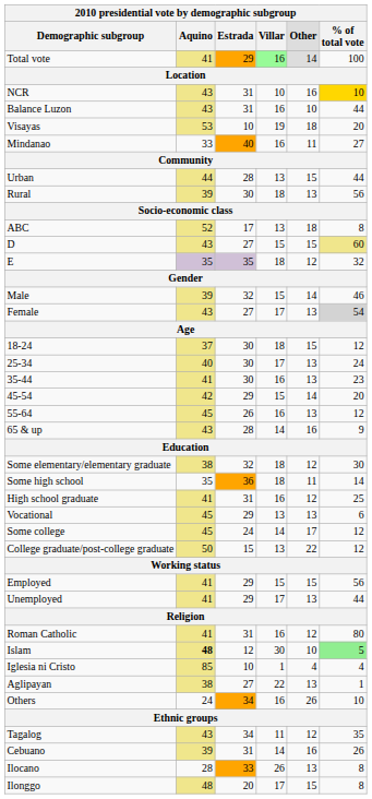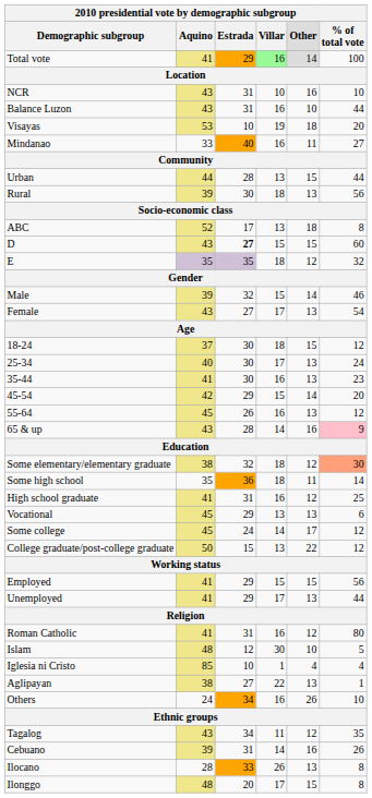 <table class=wikitable>
 <tr>
 <th colspan="8">2010 presidential vote by demographic subgroup</th>
 </tr>
 <tr>
 <th>Demographic subgroup</th>
 <th>Aquino</th>
 <th>Estrada</th>
 <th>Villar</th>
 <th style="background:#DDDDDD; width:10px;">Other</th>
 <th>% of<br>total vote</th>
 </tr>
 <tr>
 <td>Total vote</td>
 <td style="text-align:right; background:#f0e68c;">41</td>
 <td style="text-align:right; background:#ffa500;">29</td>
 <td style="text-align:right; background:#98fb98;">16</td>
 <td style="text-align:right; background:#DDDDDD;">14</td>
 <td style="text-align:right;">100</td>
 </tr>
 <tr>
 <th colspan=6>Location</th>
 </tr>
 <tr>
 <td>NCR</td>
 <td style="text-align:right; background:#f0e68c;">43</td>
 <td style="text-align:right; background:#white;">31</td>
 <td style="text-align:right; background:#white;">10</td>
 <td style="text-align:right; background:#white;">16</td>
-<td style="background: gold; text-align:right;">10</td>
+<td style="text-align:right;">10</td>
 </tr>
 <tr>
 <td>Balance Luzon</td>
 <td style="text-align:right; background:#f0e68c;">43</td>
 <td style="text-align:right; background:#white;">31</td>
 <td style="text-align:right; background:#white;">16</td>
 <td style="text-align:right; background:#white;">10</td>
 <td style="text-align:right;">44</td>
 </tr>
 <tr>
 <td>Visayas</td>
 <td style="text-align:right; background:#f0e68c;">53</td>
 <td style="text-align:right; background:#white;">10</td>
 <td style="text-align:right; background:#white;">19</td>
 <td style="text-align:right; background:#white;">18</td>
 <td style="text-align:right;">20</td>
 </tr>
 <tr>
 <td>Mindanao</td>
 <td style="text-align:right; background:#white;">33</td>
 <td style="text-align:right; background:#ffa500;">40</td>
 <td style="text-align:right; background:#white;">16</td>
 <td style="text-align:right; background:#white;">11</td>
 <td style="text-align:right;">27</td>
 </tr>
 <tr>
 <th colspan=6>Community</th>
 </tr>
 <tr>
 <td>Urban</td>
 <td style="text-align:right; background:#f0e68c;">44</td>
 <td style="text-align:right; background:#white;">28</td>
 <td style="text-align:right; background:#white;">13</td>
 <td style="text-align:right; background:#white;">15</td>
 <td style="text-align:right;">44</td>
 </tr>
 <tr>
 <td>Rural</td>
 <td style="text-align:right; background:#f0e68c;">39</td>
 <td style="text-align:right; background:#white;">30</td>
 <td style="text-align:right; background:#white;">18</td>
 <td style="text-align:right; background:#white;">13</td>
 <td style="text-align:right;">56</td>
 </tr>
 <tr>
 <th colspan=6>Socio-economic class</th>
 </tr>
 <tr>
 <td>ABC</td>
 <td style="text-align:right; background:#f0e68c;">52</td>
 <td style="text-align:right; background:#white;">17</td>
 <td style="text-align:right; background:#white;">13</td>
 <td style="text-align:right; background:#white;">18</td>
 <td style="text-align:right;">8</td>
 </tr>
 <tr>
 <td>D</td>
 <td style="text-align:right; background:#f0e68c;">43</td>
-<td style="text-align:right; background:#white;">27</td>
+<td style="text-align:right; background:#white;"><strong>27</strong></td>
 <td style="text-align:right; background:#white;">15</td>
 <td style="text-align:right; background:#white;">15</td>
-<td style="background: khaki; text-align:right;">60</td>
+<td style="text-align:right;">60</td>
 </tr>
 <tr>
 <td>E</td>
 <td style="text-align:right; background:#d0c0d7;">35</td>
 <td style="text-align:right; background:#d0c0d7;">35</td>
 <td style="text-align:right; background:#white;">18</td>
 <td style="text-align:right; background:#white;">12</td>
 <td style="text-align:right;">32</td>
 </tr>
 <tr>
 <th colspan=6>Gender</th>
 </tr>
 <tr>
 <td>Male</td>
 <td style="text-align:right; background:#f0e68c;">39</td>
 <td style="text-align:right; background:#white;">32</td>
 <td style="text-align:right; background:#white;">15</td>
 <td style="text-align:right; background:#white;">14</td>
 <td style="text-align:right;">46</td>
 </tr>
 <tr>
 <td>Female</td>
 <td style="text-align:right; background:#f0e68c;">43</td>
 <td style="text-align:right; background:#white;">27</td>
 <td style="text-align:right; background:#white;">17</td>
 <td style="text-align:right; background:#white;">13</td>
-<td style="background: lightgrey; text-align:right;">54</td>
+<td style="text-align:right;">54</td>
 </tr>
 <tr>
 <th colspan=6>Age</th>
 </tr>
 <tr>
 <td>18-24</td>
 <td style="text-align:right; background:#f0e68c;">37</td>
 <td style="text-align:right; background:#white;">30</td>
 <td style="text-align:right; background:#white;">18</td>
 <td style="text-align:right; background:#white;">15</td>
 <td style="text-align:right;">12</td>
 </tr>
 <tr>
 <td>25-34</td>
 <td style="text-align:right; background:#f0e68c;">40</td>
 <td style="text-align:right; background:#white;">30</td>
 <td style="text-align:right; background:#white;">17</td>
 <td style="text-align:right; background:#white;">13</td>
 <td style="text-align:right;">24</td>
 </tr>
 <tr>
 <td>35-44</td>
 <td style="text-align:right; background:#f0e68c;">41</td>
 <td style="text-align:right; background:#white;">30</td>
 <td style="text-align:right; background:#white;">16</td>
 <td style="text-align:right; background:#white;">13</td>
 <td style="text-align:right;">23</td>
 </tr>
 <tr>
 <td>45-54</td>
 <td style="text-align:right; background:#f0e68c;">42</td>
 <td style="text-align:right; background:#white;">29</td>
 <td style="text-align:right; background:#white;">15</td>
 <td style="text-align:right; background:#white;">14</td>
 <td style="text-align:right;">20</td>
 </tr>
 <tr>
 <td>55-64</td>
 <td style="text-align:right; background:#f0e68c;">45</td>
 <td style="text-align:right; background:#white;">26</td>
 <td style="text-align:right; background:#white;">16</td>
 <td style="text-align:right; background:#white;">13</td>
 <td style="text-align:right;">12</td>
 </tr>
 <tr>
 <td>65 & up</td>
 <td style="text-align:right; background:#f0e68c;">43</td>
 <td style="text-align:right; background:#white;">28</td>
 <td style="text-align:right; background:#white;">14</td>
 <td style="text-align:right; background:#white;">16</td>
-<td style="text-align:right;">9</td>
+<td style="background: pink; text-align:right;">9</td>
 </tr>
 <tr>
 <th colspan=6>Education</th>
 </tr>
 <tr>
 <td>Some elementary/elementary graduate</td>
 <td style="text-align:right; background:#f0e68c;">38</td>
 <td style="text-align:right; background:#white;">32</td>
 <td style="text-align:right; background:#white;">18</td>
 <td style="text-align:right; background:#white;">12</td>
-<td style="text-align:right;">30</td>
+<td style="background: lightsalmon; text-align:right;">30</td>
 </tr>
 <tr>
 <td>Some high school</td>
 <td style="text-align:right; background:#white;">35</td>
 <td style="text-align:right; background:#ffa500;">36</td>
 <td style="text-align:right; background:#white;">18</td>
 <td style="text-align:right; background:#white;">11</td>
 <td style="text-align:right;">14</td>
 </tr>
 <tr>
 <td>High school graduate</td>
 <td style="text-align:right; background:#f0e68c;">41</td>
 <td style="text-align:right; background:#white;">31</td>
 <td style="text-align:right; background:#white;">16</td>
 <td style="text-align:right; background:#white;">12</td>
 <td style="text-align:right;">25</td>
 </tr>
 <tr>
 <td>Vocational</td>
 <td style="text-align:right; background:#f0e68c;">45</td>
 <td style="text-align:right; background:#white;">29</td>
 <td style="text-align:right; background:#white;">13</td>
 <td style="text-align:right; background:#white;">13</td>
 <td style="text-align:right;">6</td>
 </tr>
 <tr>
 <td>Some college</td>
 <td style="text-align:right; background:#f0e68c;">45</td>
 <td style="text-align:right; background:#white;">24</td>
 <td style="text-align:right; background:#white;">14</td>
 <td style="text-align:right; background:#white;">17</td>
 <td style="text-align:right;">12</td>
 </tr>
 <tr>
 <td>College graduate/post-college graduate</td>
 <td style="text-align:right; background:#f0e68c;">50</td>
 <td style="text-align:right; background:#white;">15</td>
 <td style="text-align:right; background:#white;">13</td>
 <td style="text-align:right; background:#white;">22</td>
 <td style="text-align:right;">12</td>
 </tr>
 <tr>
 <th colspan=6>Working status</th>
 </tr>
 <tr>
 <td>Employed</td>
 <td style="text-align:right; background:#f0e68c;">41</td>
 <td style="text-align:right; background:#white;">29</td>
 <td style="text-align:right; background:#white;">15</td>
 <td style="text-align:right; background:#white;">15</td>
 <td style="text-align:right;">56</td>
 </tr>
 <tr>
 <td>Unemployed</td>
 <td style="text-align:right; background:#f0e68c;">41</td>
 <td style="text-align:right; background:#white;">29</td>
 <td style="text-align:right; background:#white;">17</td>
 <td style="text-align:right; background:#white;">13</td>
 <td style="text-align:right;">44</td>
 </tr>
 <tr>
 <th colspan=6>Religion</th>
 </tr>
 <tr>
 <td>Roman Catholic</td>
 <td style="text-align:right; background:#f0e68c;">41</td>
 <td style="text-align:right; background:#white;">31</td>
 <td style="text-align:right; background:#white;">16</td>
 <td style="text-align:right; background:#white;">12</td>
 <td style="text-align:right;">80</td>
 </tr>
 <tr>
 <td>Islam</td>
-<td style="text-align:right; background:#f0e68c;"><strong>48</strong></td>
+<td style="text-align:right; background:#f0e68c;">48</td>
 <td style="text-align:right; background:#white;">12</td>
 <td style="text-align:right; background:#white;">30</td>
 <td style="text-align:right; background:#white;">10</td>
-<td style="background: lightgreen; text-align:right;">5</td>
+<td style="text-align:right;">5</td>
 </tr>
 <tr>
 <td>Iglesia ni Cristo</td>
 <td style="text-align:right; background:#f0e68c;">85</td>
 <td style="text-align:right; background:#white;">10</td>
 <td style="text-align:right; background:#white;">1</td>
 <td style="text-align:right; background:#white;">4</td>
 <td style="text-align:right;">4</td>
 </tr>
 <tr>
 <td>Aglipayan</td>
 <td style="text-align:right; background:#f0e68c;">38</td>
 <td style="text-align:right; background:#white;">27</td>
 <td style="text-align:right; background:#white;">22</td>
 <td style="text-align:right; background:#white;">13</td>
 <td style="text-align:right;">1</td>
 </tr>
 <tr>
 <td>Others</td>
 <td style="text-align:right; background:#white;">24</td>
 <td style="text-align:right; background:#ffa500;">34</td>
 <td style="text-align:right; background:#white;">16</td>
 <td style="text-align:right; background:#white;">26</td>
 <td style="text-align:right;">10</td>
 </tr>
 <tr>
 <th colspan=6>Ethnic groups</th>
 </tr>
 <tr>
 <td>Tagalog</td>
 <td style="text-align:right; background:#f0e68c;">43</td>
 <td style="text-align:right; background:#white;">34</td>
 <td style="text-align:right; background:#white;">11</td>
 <td style="text-align:right; background:#white;">12</td>
 <td style="text-align:right;">35</td>
 </tr>
 <tr>
 <td>Cebuano</td>
 <td style="text-align:right; background:#f0e68c;">39</td>
 <td style="text-align:right; background:#white;">31</td>
 <td style="text-align:right; background:#white;">14</td>
 <td style="text-align:right; background:#white;">16</td>
 <td style="text-align:right;">26</td>
 </tr>
 <tr>
 <td>Ilocano</td>
 <td style="text-align:right; background:#white;">28</td>
 <td style="text-align:right; background:#ffa500;">33</td>
 <td style="text-align:right; background:#white;">26</td>
 <td style="text-align:right; background:#white;">13</td>
 <td style="text-align:right;">8</td>
 </tr>
 <tr>
 <td>Ilonggo</td>
 <td style="text-align:right; background:#f0e68c;">48</td>
 <td style="text-align:right; background:#white;">20</td>
 <td style="text-align:right; background:#white;">17</td>
 <td style="text-align:right; background:#white;">15</td>
 <td style="text-align:right;">8</td>
 </tr>
 </table>
